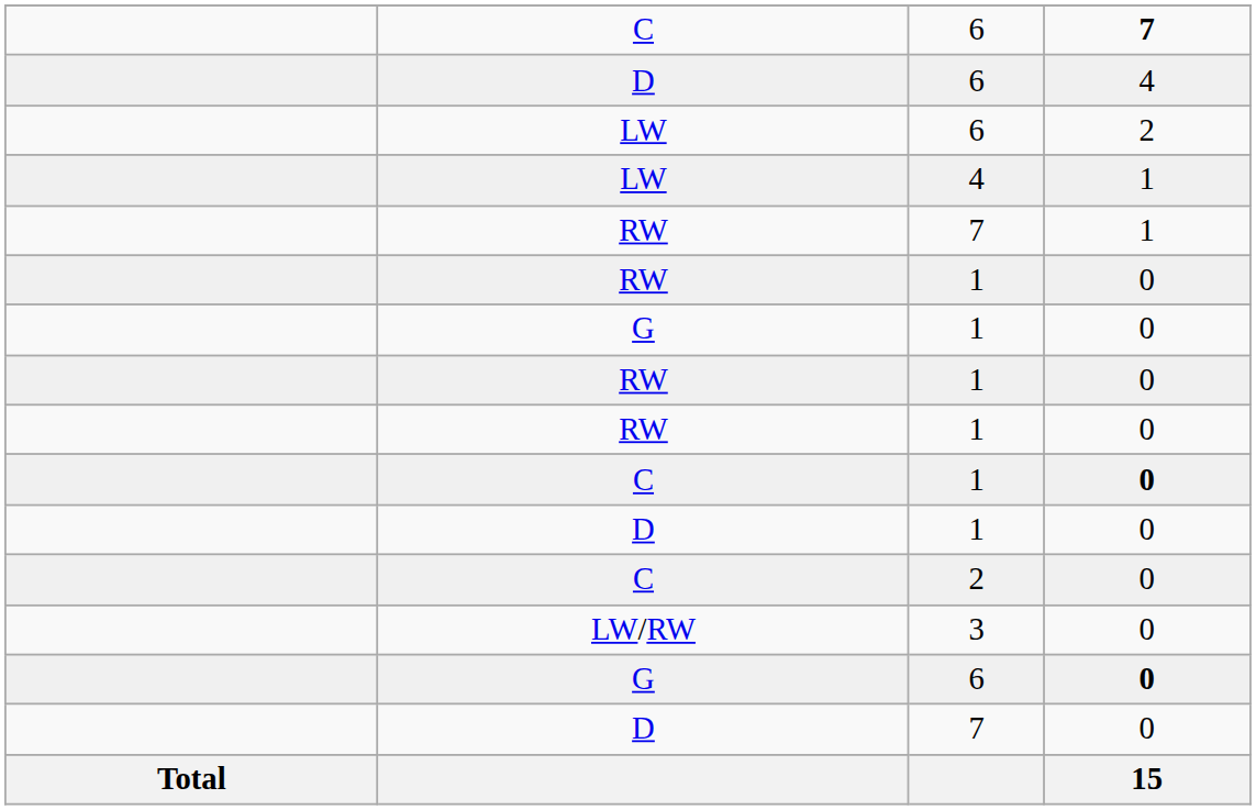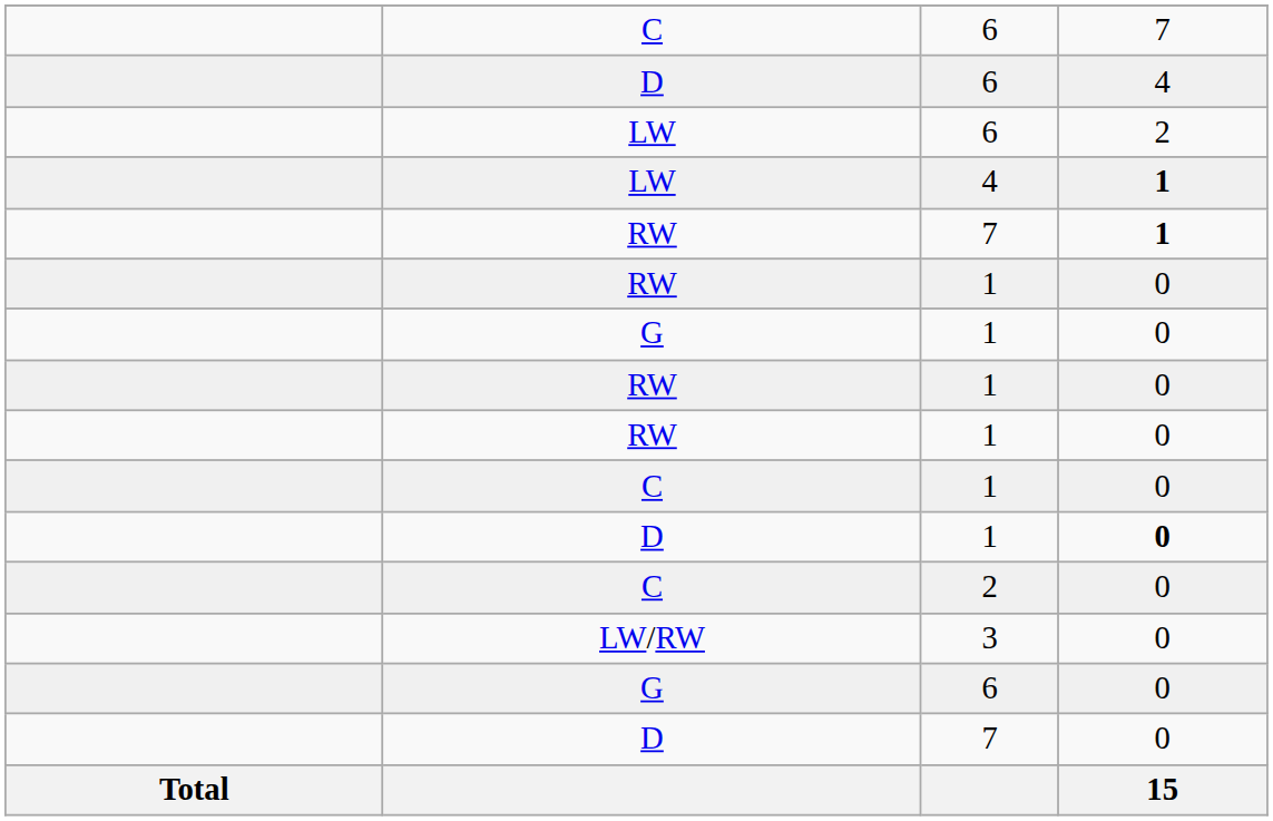 <table class="wikitable sortable" width ="40%">
 <tr align="center">
 </tr>
 <tr align="center" bgcolor="">
 <td></td>
 <td><a href='#'>C</a></td>
 <td>6</td>
-<td><strong>7</strong></td>
+<td>7</td>
 </tr>
 <tr align="center" bgcolor="f0f0f0">
 <td></td>
 <td><a href='#'>D</a></td>
 <td>6</td>
 <td>4</td>
 </tr>
 <tr align="center" bgcolor="">
 <td></td>
 <td><a href='#'>LW</a></td>
 <td>6</td>
 <td>2</td>
 </tr>
 <tr align="center" bgcolor="f0f0f0">
 <td></td>
 <td><a href='#'>LW</a></td>
 <td>4</td>
-<td>1</td>
+<td><strong>1</strong></td>
 </tr>
 <tr align="center" bgcolor="">
 <td></td>
 <td><a href='#'>RW</a></td>
 <td>7</td>
-<td>1</td>
+<td><strong>1</strong></td>
 </tr>
 <tr align="center" bgcolor="f0f0f0">
 <td></td>
 <td><a href='#'>RW</a></td>
 <td>1</td>
 <td>0</td>
 </tr>
 <tr align="center" bgcolor="">
 <td></td>
 <td><a href='#'>G</a></td>
 <td>1</td>
 <td>0</td>
 </tr>
 <tr align="center" bgcolor="f0f0f0">
 <td></td>
 <td><a href='#'>RW</a></td>
 <td>1</td>
 <td>0</td>
 </tr>
 <tr align="center" bgcolor="">
 <td></td>
 <td><a href='#'>RW</a></td>
 <td>1</td>
 <td>0</td>
 </tr>
 <tr align="center" bgcolor="f0f0f0">
 <td></td>
 <td><a href='#'>C</a></td>
 <td>1</td>
-<td><strong>0</strong></td>
+<td>0</td>
 </tr>
 <tr align="center" bgcolor="">
 <td></td>
 <td><a href='#'>D</a></td>
 <td>1</td>
-<td>0</td>
+<td><strong>0</strong></td>
 </tr>
 <tr align="center" bgcolor="f0f0f0">
 <td></td>
 <td><a href='#'>C</a></td>
 <td>2</td>
 <td>0</td>
 </tr>
 <tr align="center" bgcolor="">
 <td></td>
 <td><a href='#'>LW</a>/<a href='#'>RW</a></td>
 <td>3</td>
 <td>0</td>
 </tr>
 <tr align="center" bgcolor="f0f0f0">
 <td></td>
 <td><a href='#'>G</a></td>
 <td>6</td>
-<td><strong>0</strong></td>
+<td>0</td>
 </tr>
 <tr align="center" bgcolor="">
 <td></td>
 <td><a href='#'>D</a></td>
 <td>7</td>
 <td>0</td>
 </tr>
 <tr>
 <th>Total</th>
 <th></th>
 <th></th>
 <th>15</th>
 </tr>
 </table>
